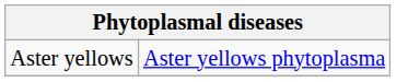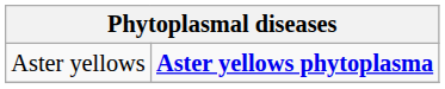 <table class="wikitable" style="clear">
 <tr>
 <th colspan=2><strong>Phytoplasmal diseases</strong><br></th>
 </tr>
 <tr>
 <td>Aster yellows</td>
-<td><a href='#'>Aster yellows phytoplasma</a></td>
+<td><strong><a href='#'>Aster yellows phytoplasma</a></strong></td>
 </tr>
 <tr>
 </tr>
 </table>
